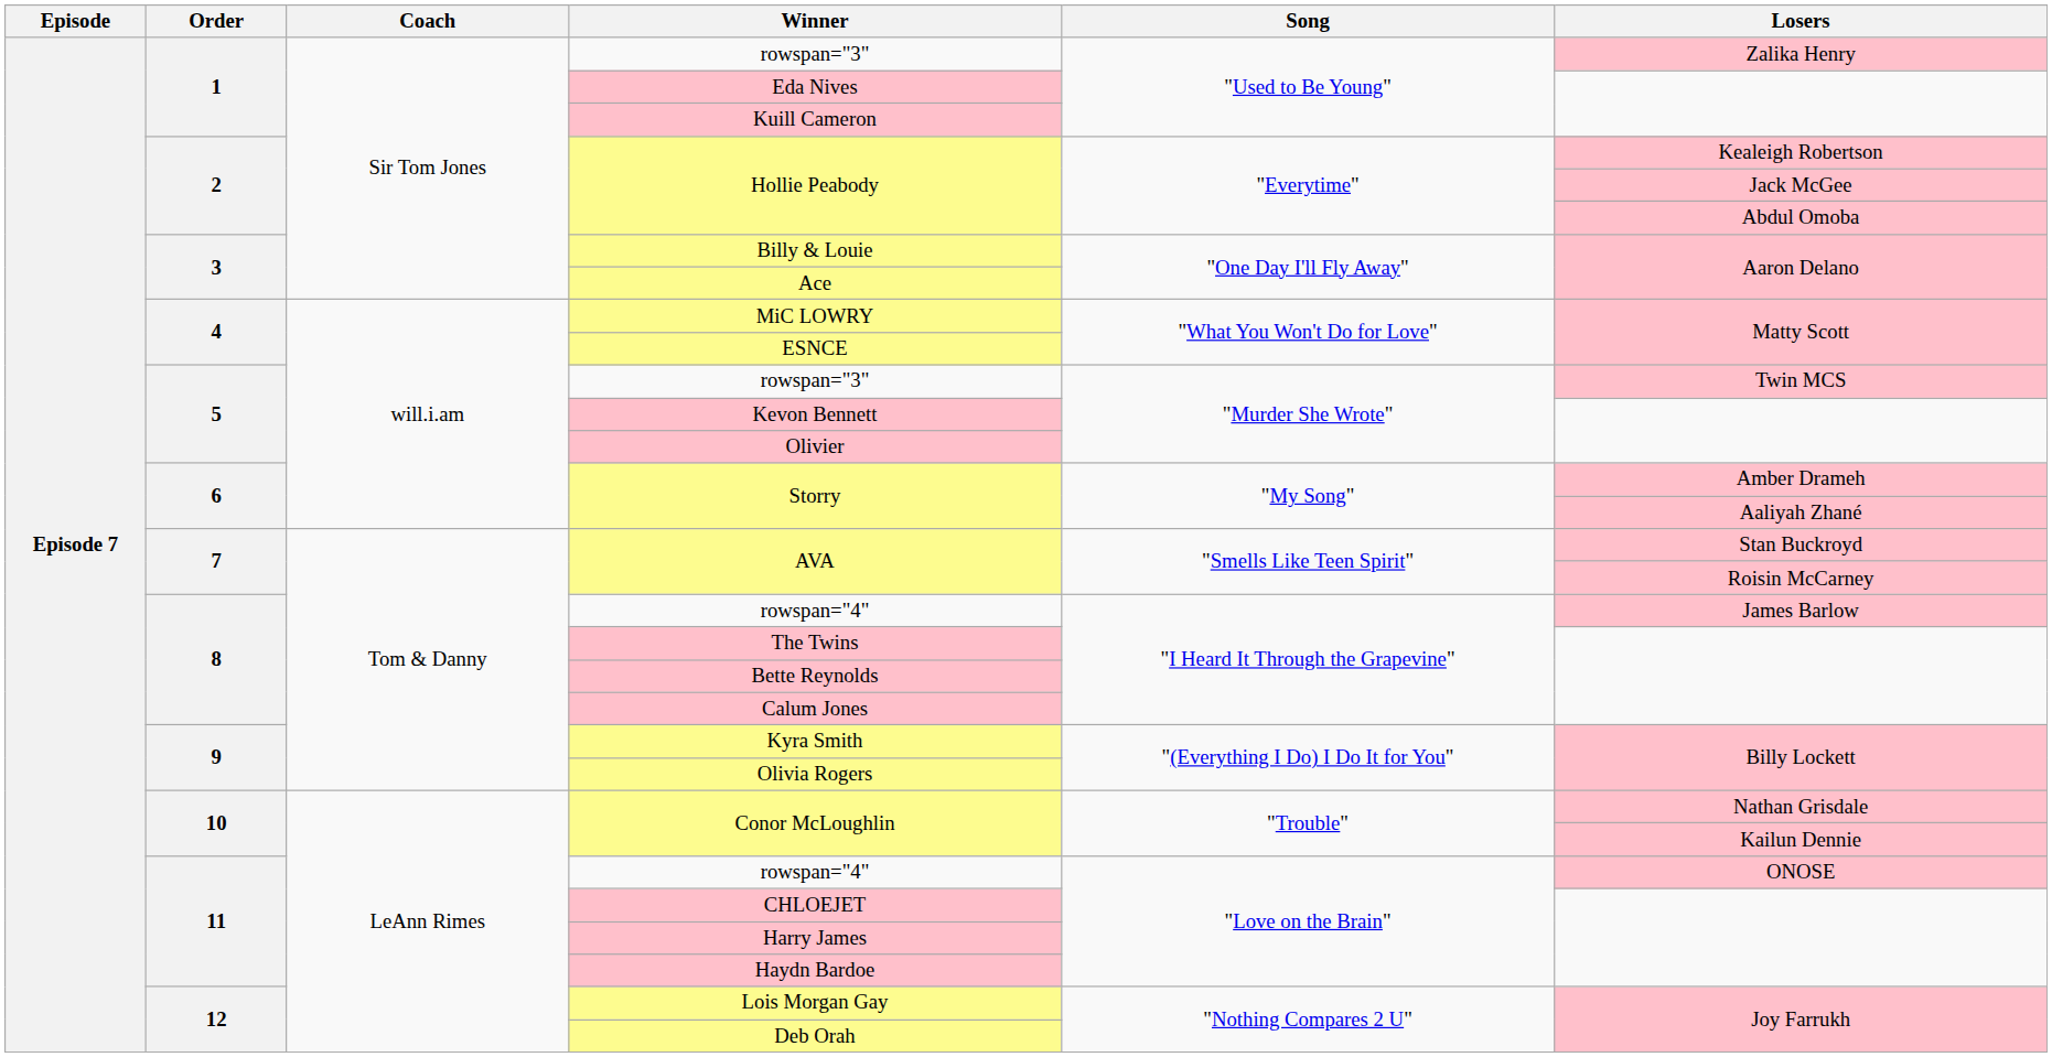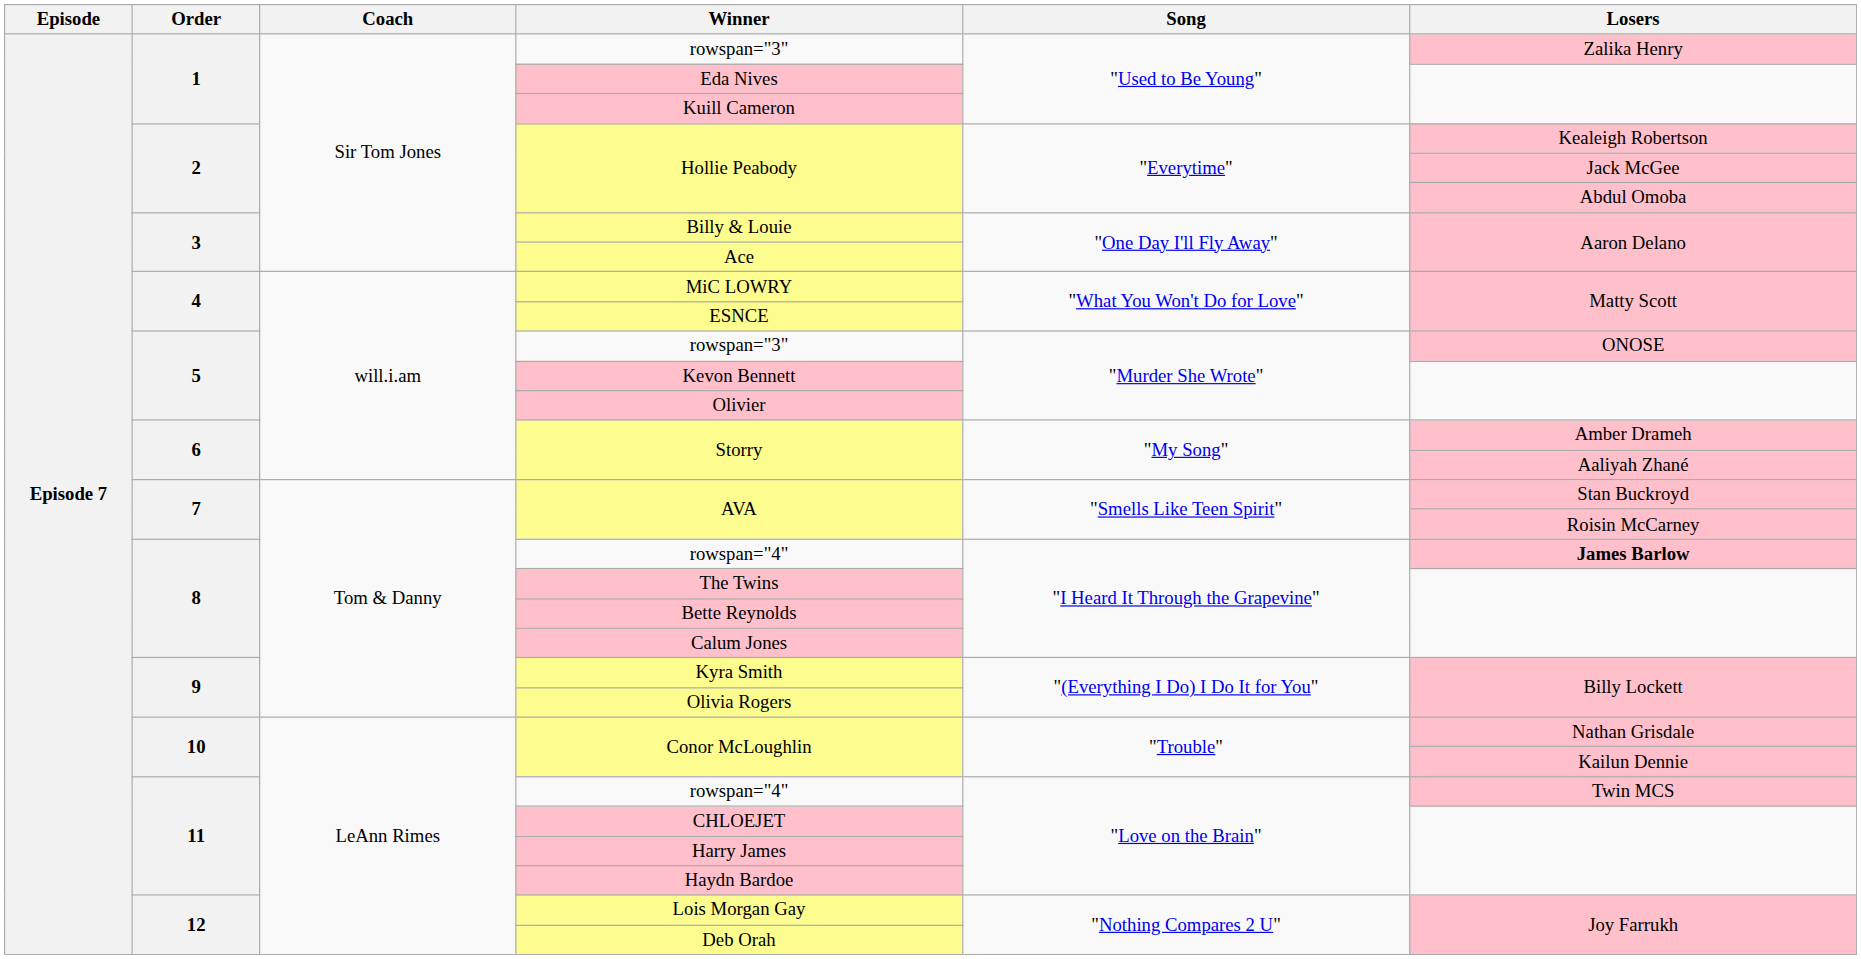 <table class="wikitable sortable mw-collapsible" style="text-align: center; width: 100%">
 <tr>
 <th style="width:05%">Episode</th>
 <th style="width:05%">Order</th>
 <th style="width:10%">Coach</th>
 <th style="width:17.5%">Winner</th>
 <th style="width:17.5%">Song</th>
 <th style="width:17.5%">Losers</th>
 </tr>
 <tr>
 <th scope="row" rowspan="34">Episode 7<br></th>
 <th rowspan="3">1</th>
 <td rowspan="8">Sir Tom Jones</td>
 <td>rowspan="3" </td>
 <td rowspan="3">"<a href='#'>Used to Be Young</a>"</td>
 <td bgcolor="pink">Zalika Henry</td>
 </tr>
 <tr>
 <td bgcolor="pink">Eda Nives</td>
 </tr>
 <tr>
 <td bgcolor="pink">Kuill Cameron</td>
 </tr>
 <tr>
 <th rowspan="3">2</th>
 <td rowspan="3" bgcolor="#fdfc8f">Hollie Peabody</td>
 <td rowspan="3">"<a href='#'>Everytime</a>"</td>
 <td bgcolor="pink">Kealeigh Robertson</td>
 </tr>
 <tr>
 <td bgcolor="pink">Jack McGee</td>
 </tr>
 <tr>
 <td bgcolor="pink">Abdul Omoba</td>
 </tr>
 <tr>
 <th rowspan="2">3</th>
 <td bgcolor="#fdfc8f">Billy & Louie</td>
 <td rowspan="2">"<a href='#'>One Day I'll Fly Away</a>"</td>
 <td rowspan="2" bgcolor="pink">Aaron Delano</td>
 </tr>
 <tr>
 <td bgcolor="fdfc8f">Ace</td>
 </tr>
 <tr>
 <th rowspan="2">4</th>
 <td rowspan="7">will.i.am</td>
 <td bgcolor="#fdfc8f">MiC LOWRY</td>
 <td rowspan="2">"<a href='#'>What You Won't Do for Love</a>"</td>
 <td rowspan="2" bgcolor="pink">Matty Scott</td>
 </tr>
 <tr>
 <td bgcolor="fdfc8f">ESNCE</td>
 </tr>
 <tr>
 <th rowspan="3">5</th>
 <td>rowspan="3" </td>
 <td rowspan="3">"<a href='#'>Murder She Wrote</a>"</td>
-<td bgcolor="pink">Twin MCS</td>
+<td bgcolor="pink">ONOSE</td>
 </tr>
 <tr>
 <td bgcolor="pink">Kevon Bennett</td>
 </tr>
 <tr>
 <td bgcolor="pink">Olivier</td>
 </tr>
 <tr>
 <th rowspan="2">6</th>
 <td rowspan="2" bgcolor="#fdfc8f">Storry</td>
 <td rowspan="2">"<a href='#'>My Song</a>"</td>
 <td bgcolor="pink">Amber Drameh</td>
 </tr>
 <tr>
 <td bgcolor="pink">Aaliyah Zhané</td>
 </tr>
 <tr>
 <th rowspan="2">7</th>
 <td rowspan="8">Tom & Danny</td>
 <td rowspan="2" bgcolor="#fdfc8f">AVA</td>
 <td rowspan="2">"<a href='#'>Smells Like Teen Spirit</a>"</td>
 <td bgcolor="pink">Stan Buckroyd</td>
 </tr>
 <tr>
 <td bgcolor="pink">Roisin McCarney</td>
 </tr>
 <tr>
 <th rowspan="4">8</th>
 <td>rowspan="4"</td>
 <td rowspan="4">"<a href='#'>I Heard It Through the Grapevine</a>"</td>
-<td bgcolor="pink">James Barlow</td>
+<td bgcolor="pink"><strong>James Barlow</strong></td>
 </tr>
 <tr>
 <td bgcolor="pink">The Twins</td>
 </tr>
 <tr>
 <td bgcolor="pink">Bette Reynolds</td>
 </tr>
 <tr>
 <td bgcolor="pink">Calum Jones</td>
 </tr>
 <tr>
 <th rowspan="2">9</th>
 <td bgcolor="#fdfc8f">Kyra Smith</td>
 <td rowspan="2">"<a href='#'>(Everything I Do) I Do It for You</a>"</td>
 <td rowspan="2" bgcolor="pink">Billy Lockett</td>
 </tr>
 <tr>
 <td bgcolor="#fdfc8f">Olivia Rogers</td>
 </tr>
 <tr>
 <th rowspan="2">10</th>
 <td rowspan="10">LeAnn Rimes</td>
 <td rowspan="2" bgcolor="#fdfc8f">Conor McLoughlin</td>
 <td rowspan="2">"<a href='#'>Trouble</a>"</td>
 <td bgcolor="pink">Nathan Grisdale</td>
 </tr>
 <tr>
 <td bgcolor="pink">Kailun Dennie</td>
 </tr>
 <tr>
 <th rowspan="4">11</th>
 <td>rowspan="4"</td>
 <td rowspan="4">"<a href='#'>Love on the Brain</a>"</td>
-<td bgcolor="pink">ONOSE</td>
+<td bgcolor="pink">Twin MCS</td>
 </tr>
 <tr>
 <td bgcolor="pink">CHLOEJET</td>
 </tr>
 <tr>
 <td bgcolor="pink">Harry James</td>
 </tr>
 <tr>
 <td bgcolor="pink">Haydn Bardoe</td>
 </tr>
 <tr>
 <th rowspan="2">12</th>
 <td bgcolor="#fdfc8f">Lois Morgan Gay</td>
 <td rowspan="2">"<a href='#'>Nothing Compares 2 U</a>"</td>
 <td rowspan="2" bgcolor="pink">Joy Farrukh</td>
 </tr>
 <tr>
 <td bgcolor="#fdfc8f">Deb Orah</td>
 </tr>
 <tr>
 </tr>
 </table>
